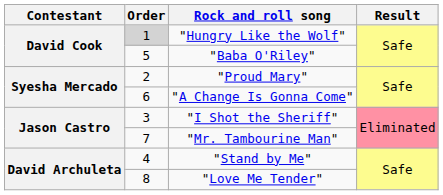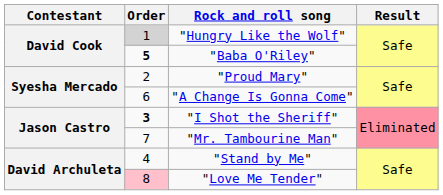 <table class="wikitable unsortable" style="text-align:center;">
 <tr>
 <th scope="col">Contestant</th>
 <th scope="col">Order</th>
 <th scope="col"><a href='#'>Rock and roll</a> song</th>
 <th scope="col">Result</th>
 </tr>
 <tr>
 <th scope="row" rowspan="2">David Cook</th>
 <td style="background: lightgrey;">1</td>
 <td>"<a href='#'>Hungry Like the Wolf</a>"</td>
 <td rowspan="2" style="background:#FDFC8F">Safe</td>
 </tr>
 <tr>
-<td>5</td>
+<td><strong>5</strong></td>
 <td>"<a href='#'>Baba O'Riley</a>"</td>
 </tr>
 <tr>
 <th scope="row" rowspan="2">Syesha Mercado</th>
 <td>2</td>
 <td>"<a href='#'>Proud Mary</a>"</td>
 <td rowspan="2" style="background:#FDFC8F">Safe</td>
 </tr>
 <tr>
 <td>6</td>
 <td>"<a href='#'>A Change Is Gonna Come</a>"</td>
 </tr>
 <tr>
 <th scope="row" rowspan="2">Jason Castro</th>
-<td>3</td>
+<td><strong>3</strong></td>
 <td>"<a href='#'>I Shot the Sheriff</a>"</td>
 <td rowspan="2" bgcolor="FF91A4">Eliminated</td>
 </tr>
 <tr>
 <td>7</td>
 <td>"<a href='#'>Mr. Tambourine Man</a>"</td>
 </tr>
 <tr>
 <th scope="row" rowspan="2">David Archuleta</th>
 <td>4</td>
 <td>"<a href='#'>Stand by Me</a>"</td>
 <td rowspan="2" style="background:#FDFC8F">Safe</td>
 </tr>
 <tr>
-<td>8</td>
+<td style="background: pink;">8</td>
 <td>"<a href='#'>Love Me Tender</a>"</td>
 </tr>
 </table>
